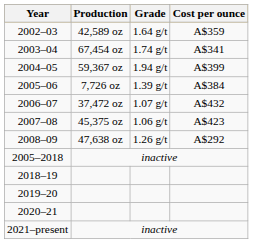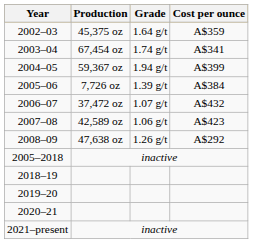 <table class="wikitable">
 <tr style="text-align:center; background:#daa520;">
 <th>Year</th>
 <th>Production</th>
 <th>Grade</th>
 <th>Cost per ounce</th>
 </tr>
 <tr style="text-align:center;">
 <td>2002–03</td>
-<td>42,589 oz</td>
+<td>45,375 oz</td>
 <td>1.64 g/t</td>
 <td>A$359</td>
 </tr>
 <tr style="text-align:center;">
 <td>2003–04</td>
 <td>67,454 oz</td>
 <td>1.74 g/t</td>
 <td>A$341</td>
 </tr>
 <tr style="text-align:center;">
 <td>2004–05</td>
 <td>59,367 oz</td>
 <td>1.94 g/t</td>
 <td>A$399</td>
 </tr>
 <tr style="text-align:center;">
 <td>2005–06</td>
 <td>7,726 oz</td>
 <td>1.39 g/t</td>
 <td>A$384</td>
 </tr>
 <tr style="text-align:center;">
 <td>2006–07</td>
 <td>37,472 oz</td>
 <td>1.07 g/t</td>
 <td>A$432</td>
 </tr>
 <tr style="text-align:center;">
 <td>2007–08</td>
-<td>45,375 oz</td>
+<td>42,589 oz</td>
 <td>1.06 g/t</td>
 <td>A$423</td>
 </tr>
 <tr style="text-align:center;">
 <td>2008–09</td>
 <td>47,638 oz</td>
 <td>1.26 g/t</td>
 <td>A$292</td>
 </tr>
 <tr style="text-align:center;">
 <td>2005–2018</td>
 <td colspan=3><em>inactive</em></td>
 </tr>
 <tr style="text-align:center;">
 <td>2018–19</td>
 <td></td>
 <td></td>
 <td></td>
 </tr>
 <tr style="text-align:center;">
 <td>2019–20</td>
 <td></td>
 <td></td>
 <td></td>
 </tr>
 <tr style="text-align:center;">
 <td>2020–21</td>
 <td></td>
 <td></td>
 <td></td>
 </tr>
 <tr style="text-align:center;">
 <td>2021–present</td>
 <td colspan=3><em>inactive</em></td>
 </tr>
 </table>
